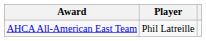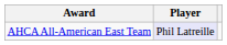 <table class="wikitable">
 <tr>
 <th>Award</th>
 <th>Player</th>
 <th></th>
 </tr>
 <tr>
 <td><a href='#'>AHCA All-American East Team</a></td>
-<td>Phil Latreille</td>
+<td style="background: lavender;">Phil Latreille</td>
 <td></td>
 </tr>
 </table>
